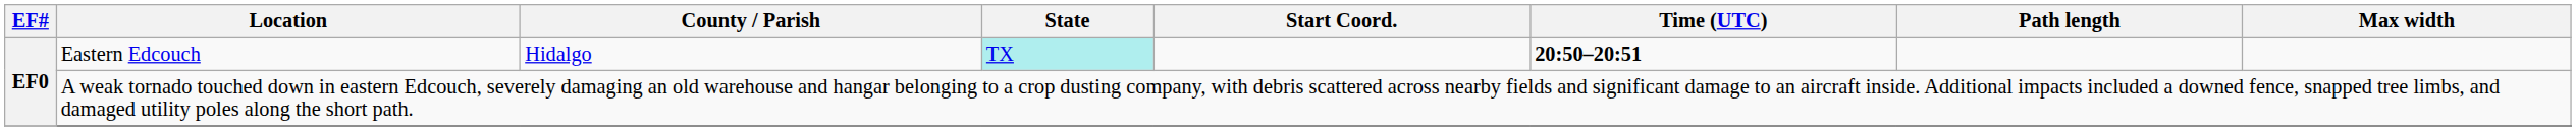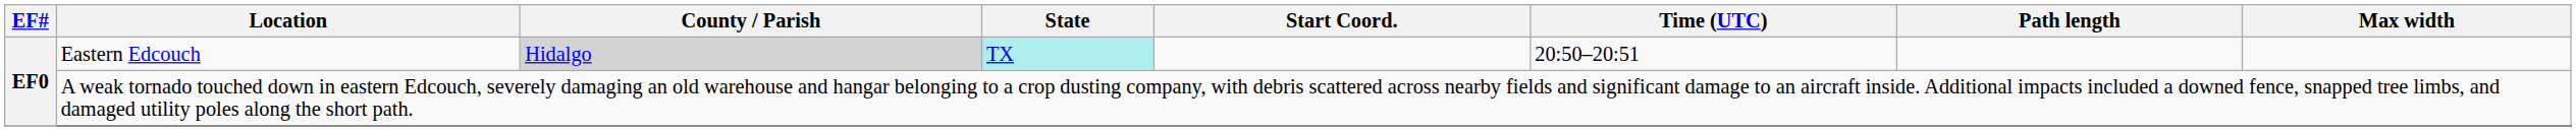 <table class="wikitable sortable" style="width:100%;">
 <tr>
 <th scope="col" width="2%" align="center"><a href='#'>EF#</a></th>
 <th scope="col" align="center" class="unsortable">Location</th>
 <th scope="col" align="center" class="unsortable">County / Parish</th>
 <th scope="col" align="center">State</th>
 <th scope="col" align="center">Start Coord.</th>
 <th scope="col" align="center">Time (<a href='#'>UTC</a>)</th>
 <th scope="col" align="center">Path length</th>
 <th scope="col" align="center">Max width</th>
 </tr>
 <tr>
 <th scope="row" rowspan="2" style="background-color:#">EF0</th>
 <td>Eastern <a href='#'>Edcouch</a></td>
-<td><a href='#'>Hidalgo</a></td>
+<td style="background: lightgrey;"><a href='#'>Hidalgo</a></td>
 <td style="background: paleturquoise;"><a href='#'>TX</a></td>
 <td></td>
-<td><strong>20:50–20:51</strong></td>
+<td>20:50–20:51</td>
 <td></td>
 <td></td>
 </tr>
 <tr class="expand-child">
 <td colspan="8" style=" border-bottom: 1px solid black;">A weak tornado touched down in eastern Edcouch, severely damaging an old warehouse and hangar belonging to a crop dusting company, with debris scattered across nearby fields and significant damage to an aircraft inside. Additional impacts included a downed fence, snapped tree limbs, and damaged utility poles along the short path.</td>
 </tr>
 <tr>
 </tr>
 </table>
